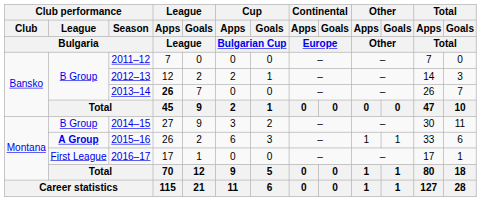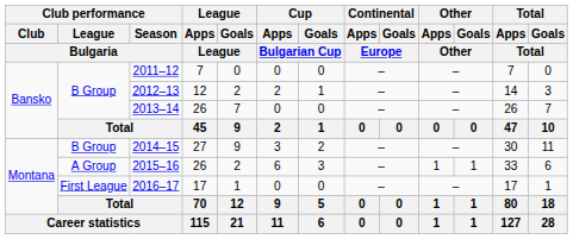 <table class="wikitable" style="text-align: center">
 <tr>
 <th Colspan="3">Club performance</th>
 <th Colspan="2">League</th>
 <th Colspan="2">Cup</th>
 <th Colspan="2">Continental</th>
 <th Colspan="2">Other</th>
 <th Colspan="3">Total</th>
 </tr>
 <tr>
 <th>Club</th>
 <th>League</th>
 <th>Season</th>
 <th>Apps</th>
 <th>Goals</th>
 <th>Apps</th>
 <th>Goals</th>
 <th>Apps</th>
 <th>Goals</th>
 <th>Apps</th>
 <th>Goals</th>
 <th>Apps</th>
 <th>Goals</th>
 </tr>
 <tr>
 <th Colspan="3">Bulgaria</th>
 <th Colspan="2">League</th>
 <th Colspan="2"><a href='#'>Bulgarian Cup</a></th>
 <th Colspan="2"><a href='#'>Europe</a></th>
 <th Colspan="2">Other</th>
 <th Colspan="2">Total</th>
 </tr>
 <tr>
 <td rowspan="4" valign="center"><a href='#'>Bansko</a></td>
 <td rowspan="3"><a href='#'>B Group</a></td>
 <td><a href='#'>2011–12</a></td>
 <td>7</td>
 <td>0</td>
 <td>0</td>
 <td>0</td>
 <td colspan="2">–</td>
 <td colspan="2">–</td>
 <td>7</td>
 <td>0</td>
 </tr>
 <tr>
 <td><a href='#'>2012–13</a></td>
 <td>12</td>
 <td>2</td>
 <td>2</td>
 <td>1</td>
 <td colspan="2">–</td>
 <td colspan="2">–</td>
 <td>14</td>
 <td>3</td>
 </tr>
 <tr>
 <td><a href='#'>2013–14</a></td>
-<td><strong>26</strong></td>
+<td>26</td>
 <td>7</td>
 <td>0</td>
 <td>0</td>
 <td colspan="2">–</td>
 <td colspan="2">–</td>
 <td>26</td>
 <td>7</td>
 </tr>
 <tr>
 <th colspan=2>Total</th>
 <th>45</th>
 <th>9</th>
 <th>2</th>
 <th>1</th>
 <th>0</th>
 <th>0</th>
 <th>0</th>
 <th>0</th>
 <th>47</th>
 <th>10</th>
 </tr>
 <tr>
 <td rowspan="4" valign="center"><a href='#'>Montana</a></td>
 <td rowspan="1"><a href='#'>B Group</a></td>
 <td><a href='#'>2014–15</a></td>
 <td>27</td>
 <td>9</td>
 <td>3</td>
 <td>2</td>
 <td colspan="2">–</td>
 <td colspan="2">–</td>
 <td>30</td>
 <td>11</td>
 </tr>
 <tr>
-<td rowspan="1"><strong><a href='#'>А Group</a></strong></td>
+<td rowspan="1"><a href='#'>А Group</a></td>
 <td><a href='#'>2015–16</a></td>
 <td>26</td>
 <td>2</td>
 <td>6</td>
 <td>3</td>
 <td colspan="2">–</td>
 <td>1</td>
 <td>1</td>
 <td>33</td>
 <td>6</td>
 </tr>
 <tr>
 <td rowspan="1"><a href='#'>First League</a></td>
 <td><a href='#'>2016–17</a></td>
 <td>17</td>
 <td>1</td>
 <td>0</td>
 <td>0</td>
 <td colspan="2">–</td>
 <td colspan="2">–</td>
 <td>17</td>
 <td>1</td>
 </tr>
 <tr>
 <th colspan=2>Total</th>
 <th>70</th>
 <th>12</th>
 <th>9</th>
 <th>5</th>
 <th>0</th>
 <th>0</th>
 <th>1</th>
 <th>1</th>
 <th>80</th>
 <th>18</th>
 </tr>
 <tr>
 <th colspan="3">Career statistics</th>
 <th>115</th>
 <th>21</th>
 <th>11</th>
 <th>6</th>
 <th>0</th>
 <th>0</th>
 <th>1</th>
 <th>1</th>
 <th>127</th>
 <th>28</th>
 </tr>
 </table>
